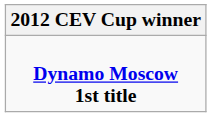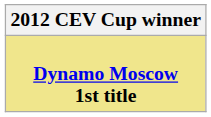 <table class=wikitable style="text-align:center; margin:auto">
 <tr>
 <th>2012 CEV Cup winner</th>
 </tr>
 <tr>
-<td><br><strong><a href='#'>Dynamo Moscow</a></strong><br> <strong>1st title</strong></td>
+<td style="background: khaki;"><br><strong><a href='#'>Dynamo Moscow</a></strong><br> <strong>1st title</strong></td>
 </tr>
 </table>
